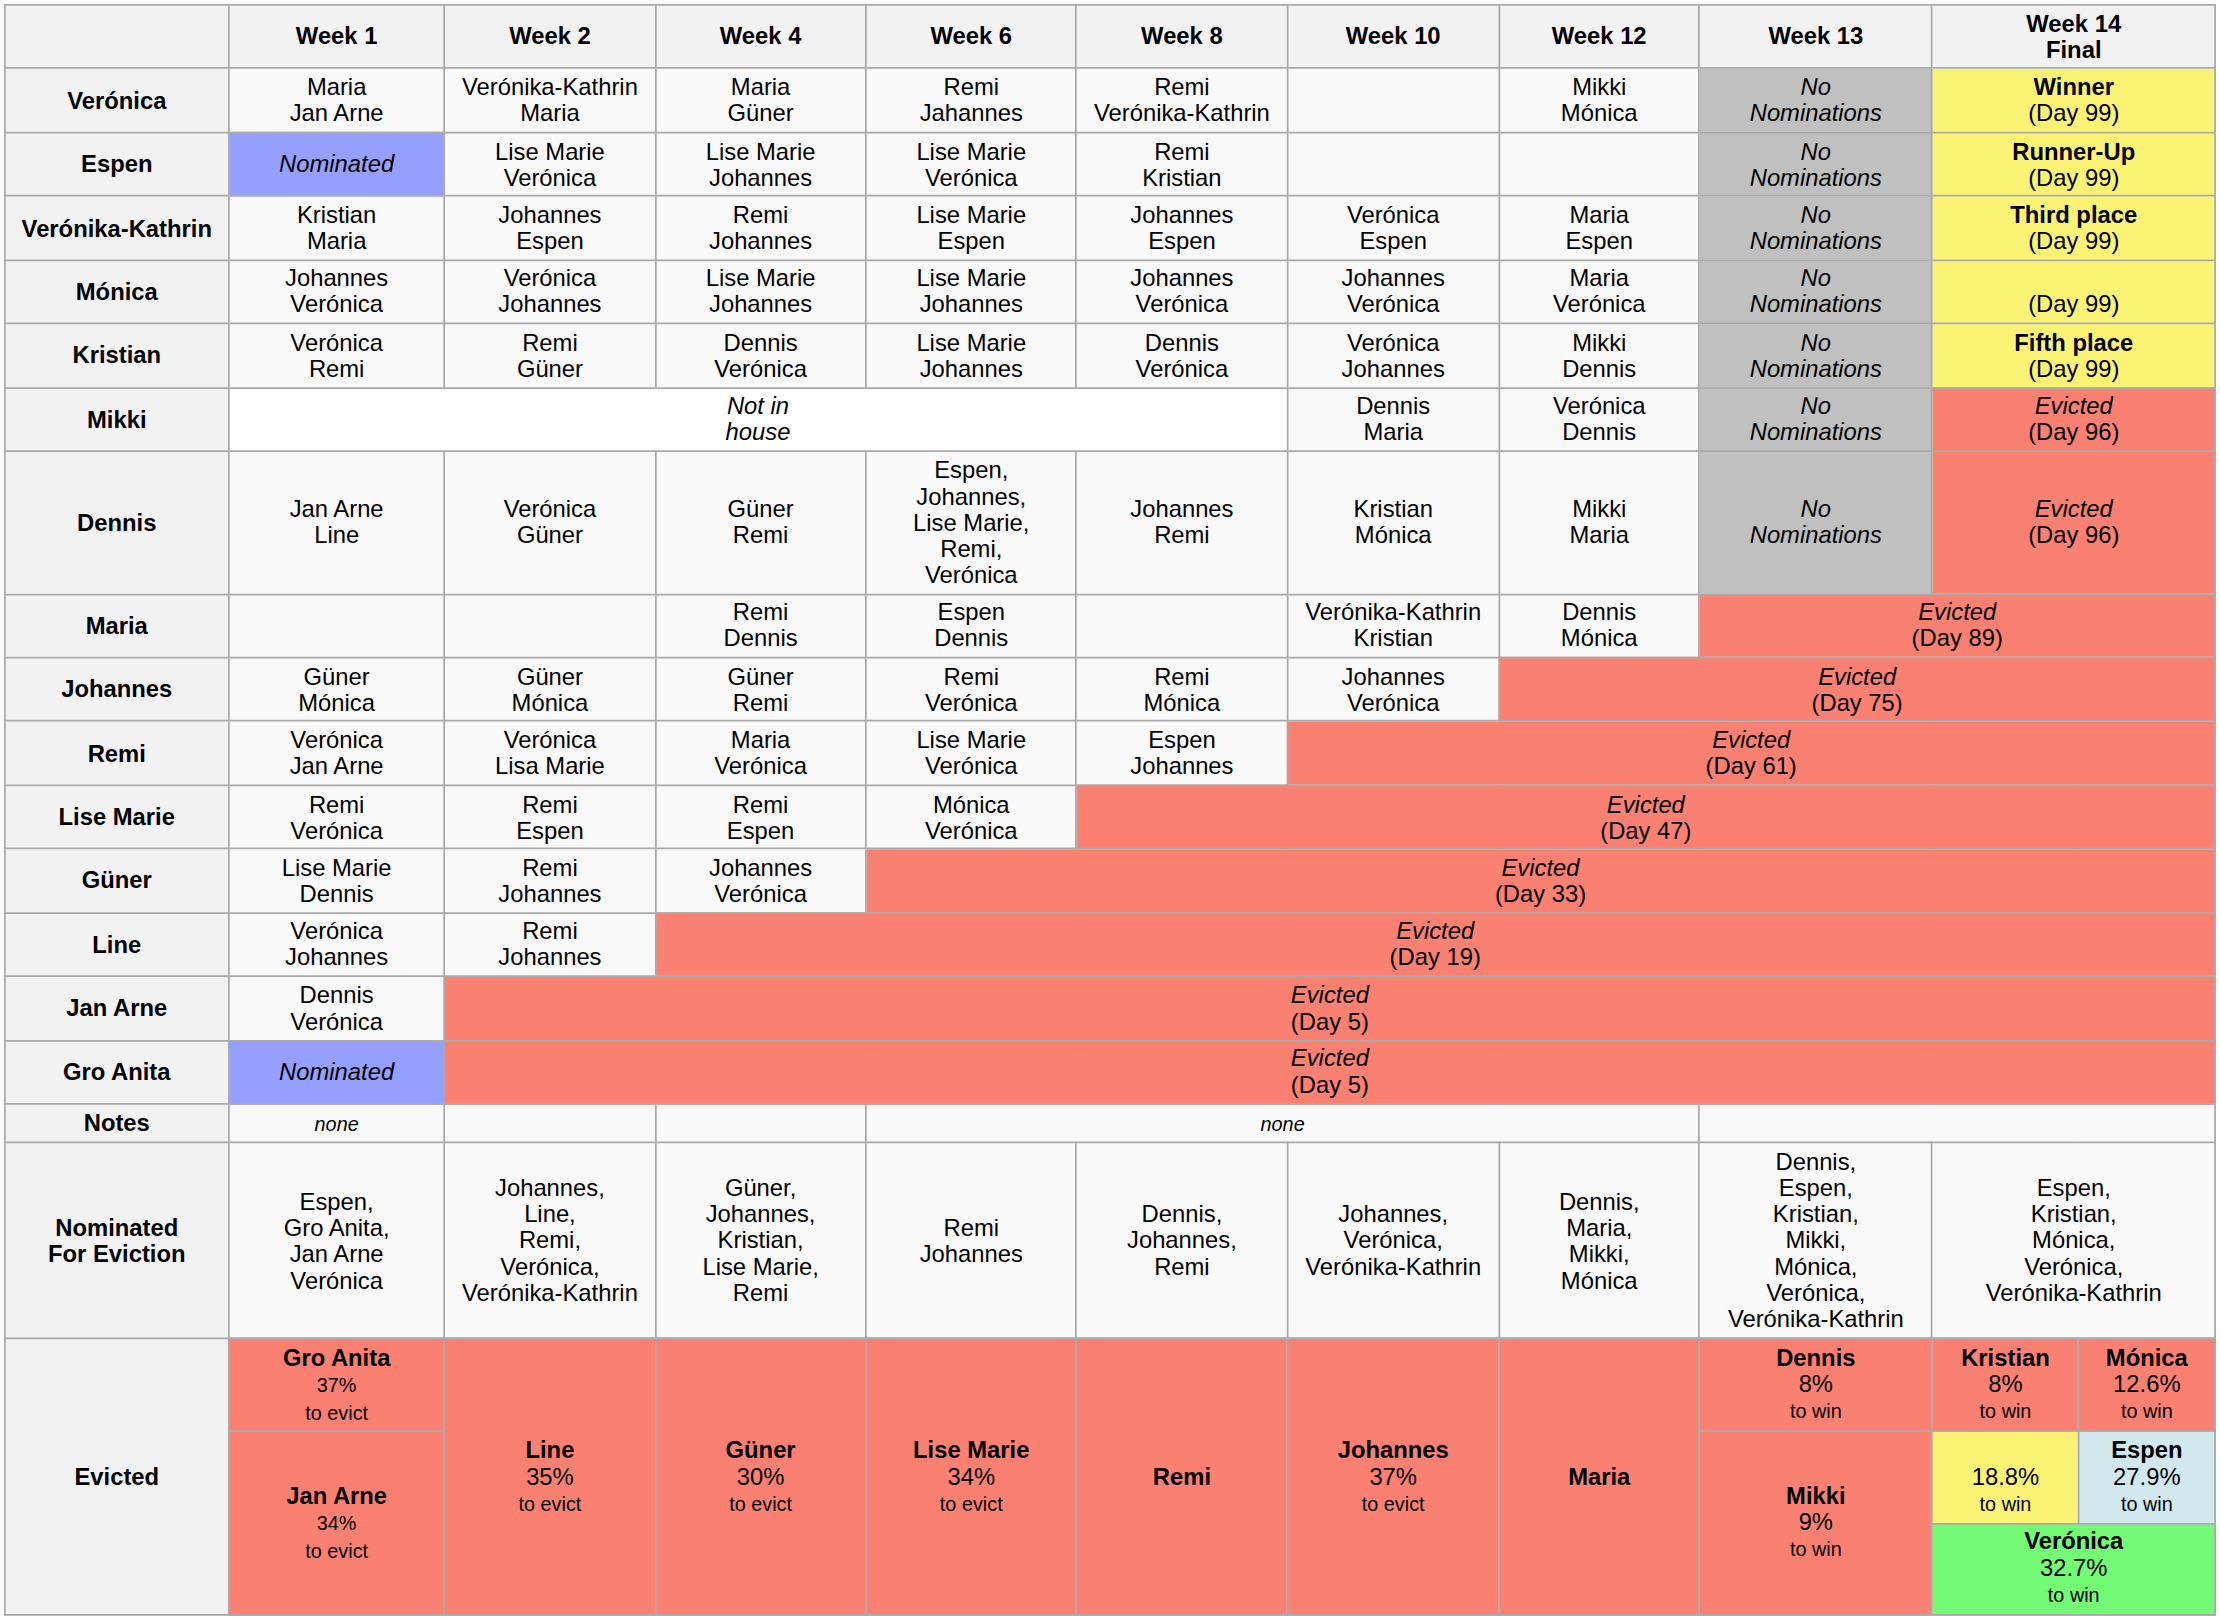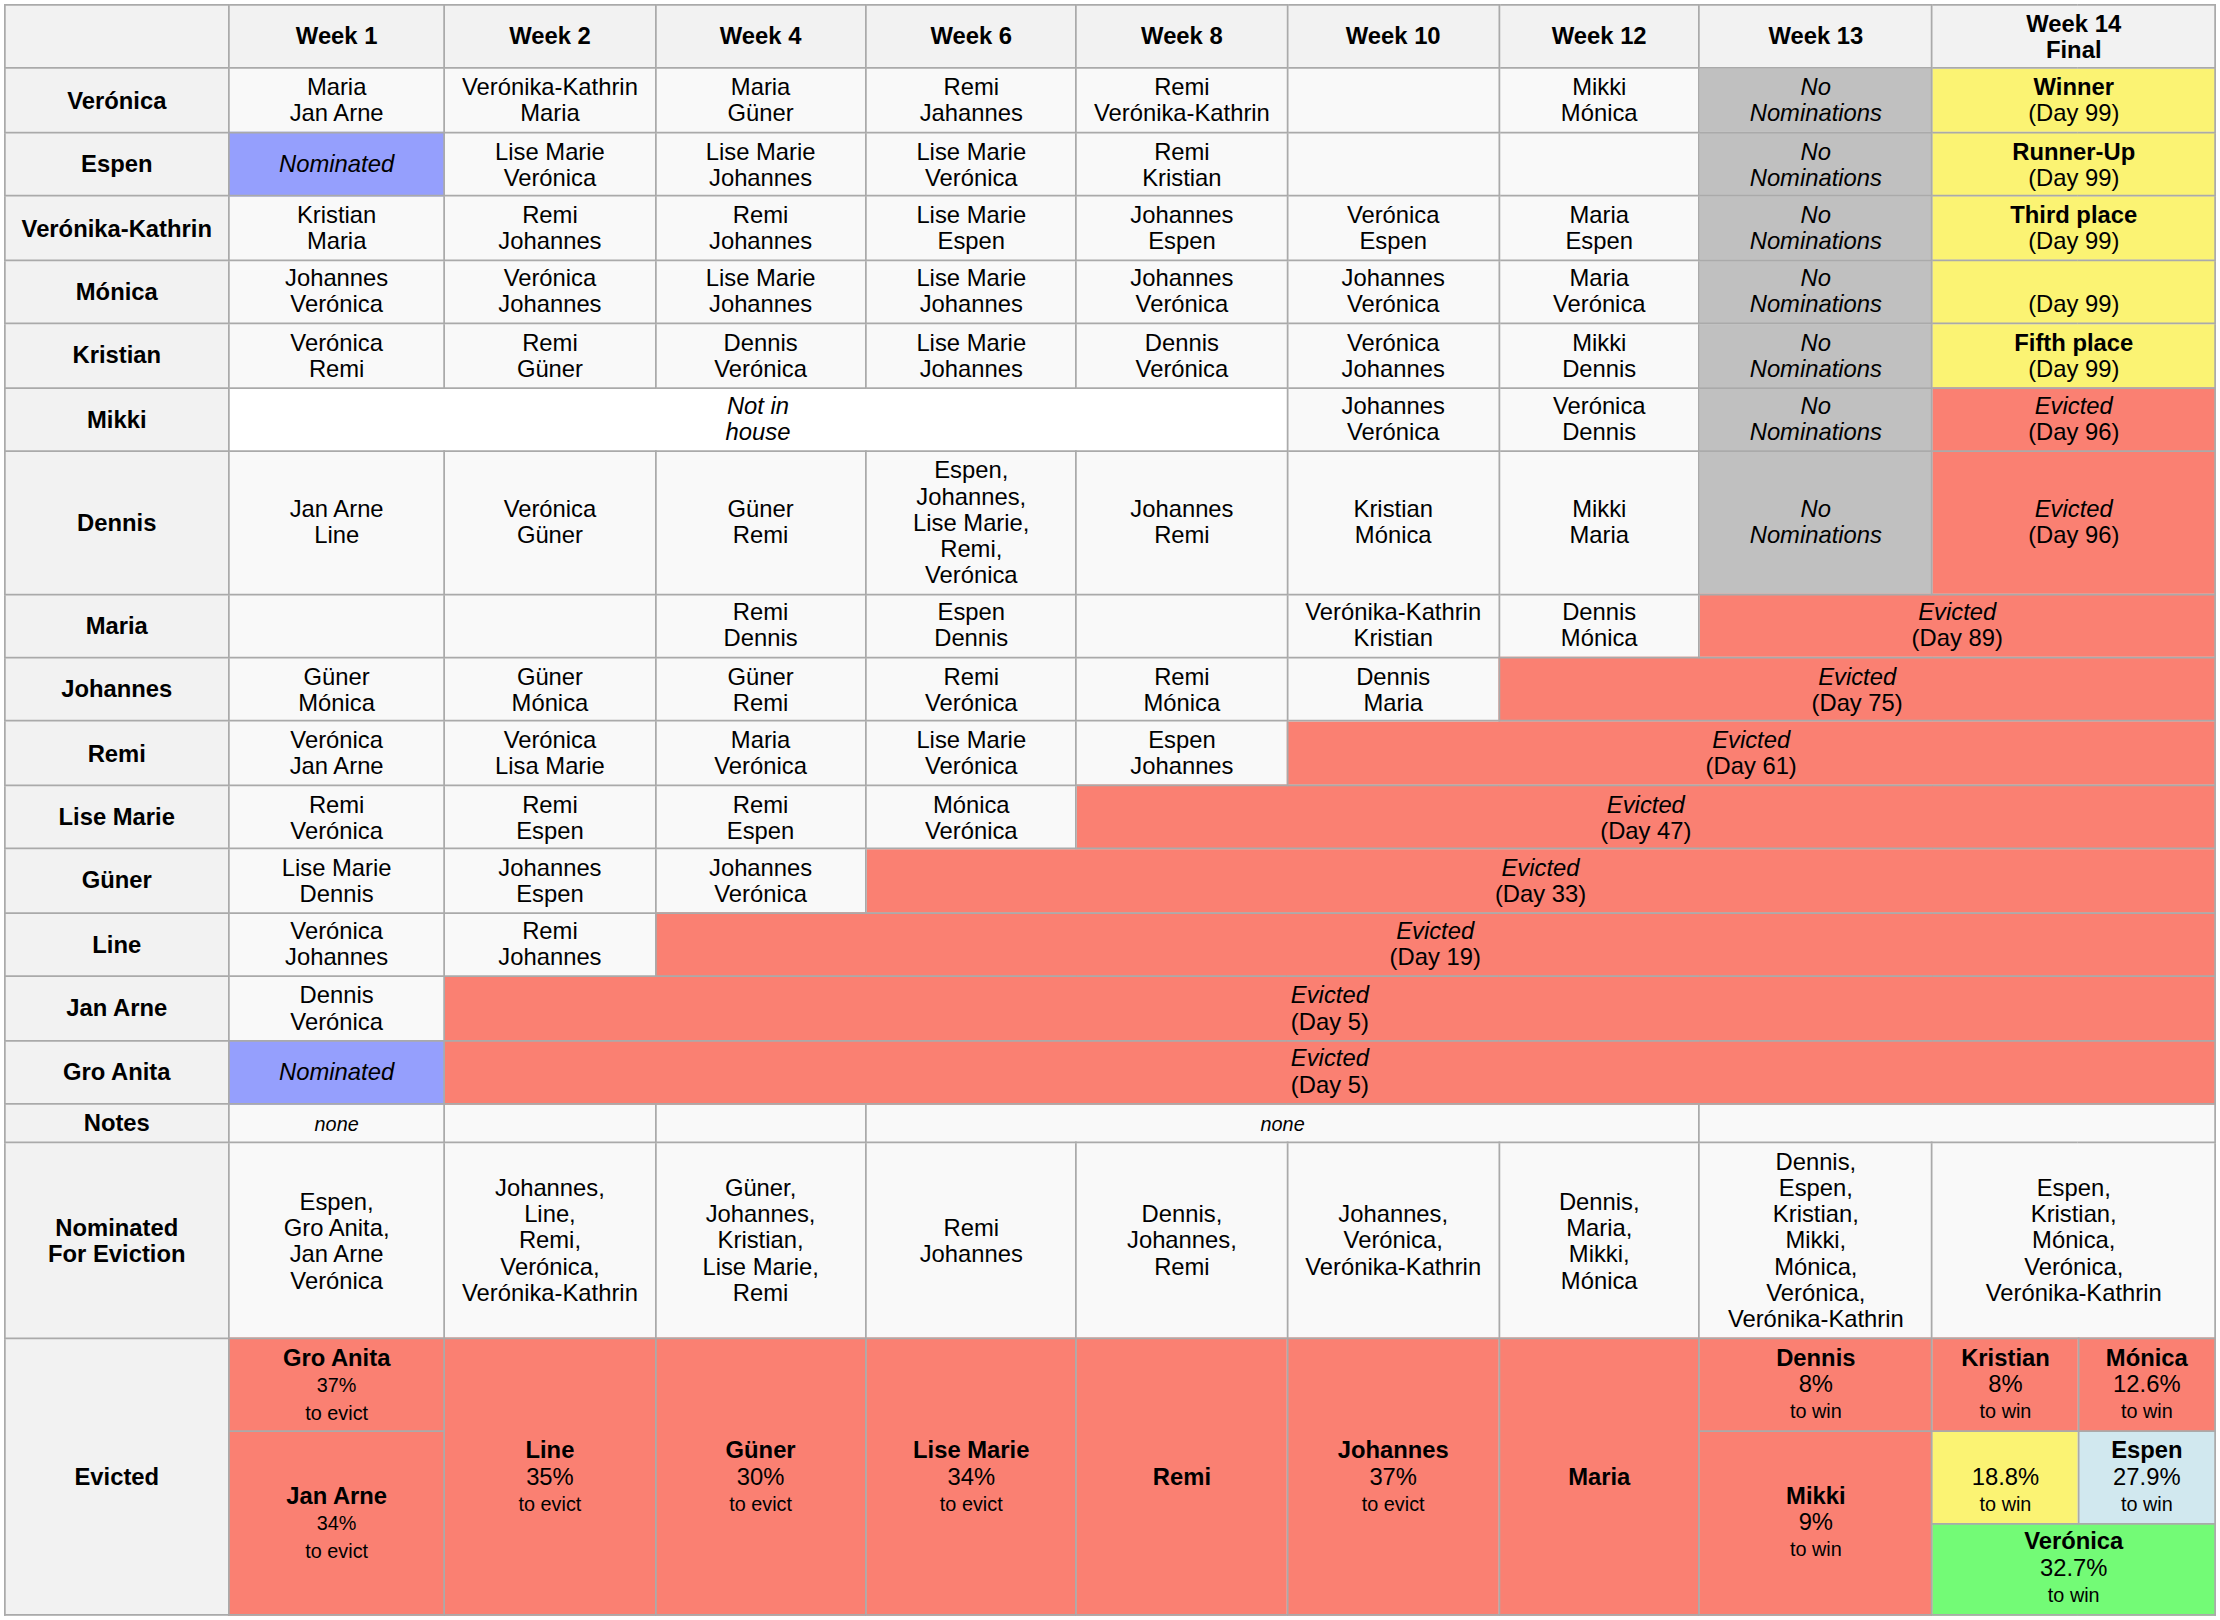 <table class="wikitable" style="text-align:center; font-size:85%; line-height:15px; width:100%">
 <tr>
 <th style="width:5%"></th>
 <th style="width:5%">Week 1</th>
 <th style="width:5%">Week 2</th>
 <th style="width:5%">Week 4</th>
 <th style="width:5%">Week 6</th>
 <th style="width:5%">Week 8</th>
 <th style="width:5%">Week 10</th>
 <th style="width:5%">Week 12</th>
 <th style="width:5%">Week 13</th>
 <th style="width:5%" colspan=2>Week 14<br>Final</th>
 </tr>
 <tr>
 <th>Verónica</th>
 <td>Maria<br>Jan Arne</td>
 <td>Verónika-Kathrin<br>Maria</td>
 <td>Maria<br>Güner</td>
 <td>Remi<br>Jahannes</td>
 <td>Remi<br>Verónika-Kathrin</td>
 <td></td>
 <td>Mikki<br>Mónica</td>
 <td style="background:#C0C0C0"><em>No<br>Nominations</em></td>
 <td colspan=2 style="background:#FBF373;"><strong>Winner</strong><br>(Day 99)</td>
 </tr>
 <tr>
 <th>Espen</th>
 <td style="background:#959FFD"><em>Nominated</em></td>
 <td>Lise Marie<br>Verónica</td>
 <td>Lise Marie<br>Johannes</td>
 <td>Lise Marie<br>Verónica</td>
 <td>Remi<br>Kristian</td>
 <td></td>
 <td></td>
 <td style="background:#C0C0C0" style="background:#C0C0C0"><em>No<br>Nominations</em></td>
 <td colspan=2 style="background:#FBF373;"><strong>Runner-Up</strong><br>(Day 99)</td>
 </tr>
 <tr>
 <th>Verónika-Kathrin</th>
 <td>Kristian<br>Maria</td>
-<td>Johannes<br>Espen</td>
+<td>Remi<br>Johannes</td>
 <td>Remi<br>Johannes</td>
 <td>Lise Marie<br>Espen</td>
 <td>Johannes<br>Espen</td>
 <td>Verónica<br>Espen</td>
 <td>Maria<br>Espen</td>
 <td style="background:#C0C0C0"><em>No<br>Nominations</em></td>
 <td colspan=2 style="background:#FBF373;"><strong>Third place</strong><br>(Day 99)</td>
 </tr>
 <tr>
 <th>Mónica</th>
 <td>Johannes<br>Verónica</td>
 <td>Verónica<br>Johannes</td>
 <td>Lise Marie<br>Johannes</td>
 <td>Lise Marie<br>Johannes</td>
 <td>Johannes<br>Verónica</td>
 <td>Johannes<br>Verónica</td>
 <td>Maria<br>Verónica</td>
 <td style="background:#C0C0C0"><em>No<br>Nominations</em></td>
 <td colspan=2 style="background:#FBF373;"><br>(Day 99)</td>
 </tr>
 <tr>
 <th>Kristian</th>
 <td>Verónica<br>Remi</td>
 <td>Remi<br>Güner</td>
 <td>Dennis<br>Verónica</td>
 <td>Lise Marie<br>Johannes</td>
 <td>Dennis<br>Verónica</td>
 <td>Verónica<br>Johannes</td>
 <td>Mikki<br>Dennis</td>
 <td style="background:#C0C0C0"><em>No<br>Nominations</em></td>
 <td colspan=2 style="background:#FBF373;"><strong>Fifth place</strong><br>(Day 99)</td>
 </tr>
 <tr>
 <th>Mikki</th>
 <td style="background:#FFFFFF;" colspan="5"><em>Not in<br>house</em></td>
-<td>Dennis<br>Maria</td>
+<td>Johannes<br>Verónica</td>
 <td>Verónica<br>Dennis</td>
 <td style="background:#C0C0C0"><em>No<br>Nominations</em></td>
 <td style="background:#FA8072" colspan=2><em>Evicted</em><br>(Day 96)</td>
 </tr>
 <tr>
 <th>Dennis</th>
 <td>Jan Arne<br>Line</td>
 <td>Verónica<br>Güner</td>
 <td>Güner<br>Remi</td>
 <td>Espen,<br>Johannes,<br>Lise Marie,<br>Remi,<br>Verónica</td>
 <td>Johannes<br>Remi</td>
 <td>Kristian<br>Mónica</td>
 <td>Mikki<br>Maria</td>
 <td style="background:#C0C0C0"><em>No<br>Nominations</em></td>
 <td style="background:#FA8072" colspan=2><em>Evicted</em><br>(Day 96)</td>
 </tr>
 <tr>
 <th>Maria</th>
 <td></td>
 <td></td>
 <td>Remi<br>Dennis</td>
 <td>Espen<br>Dennis</td>
 <td></td>
 <td>Verónika-Kathrin<br>Kristian</td>
 <td>Dennis<br>Mónica</td>
 <td style="background:#FA8072" colspan=3><em>Evicted</em><br>(Day 89)</td>
 </tr>
 <tr>
 <th>Johannes</th>
 <td>Güner<br>Mónica</td>
 <td>Güner<br>Mónica</td>
 <td>Güner<br>Remi</td>
 <td>Remi<br>Verónica</td>
 <td>Remi<br>Mónica</td>
-<td>Johannes<br>Verónica</td>
+<td>Dennis<br>Maria</td>
 <td style="background:#FA8072" colspan=4><em>Evicted</em><br>(Day 75)</td>
 </tr>
 <tr>
 <th>Remi</th>
 <td>Verónica<br>Jan Arne</td>
 <td>Verónica<br>Lisa Marie</td>
 <td>Maria<br>Verónica</td>
 <td>Lise Marie<br>Verónica</td>
 <td>Espen<br>Johannes</td>
 <td style="background:#FA8072" colspan=5><em>Evicted</em><br>(Day 61)</td>
 </tr>
 <tr>
 <th>Lise Marie</th>
 <td>Remi<br>Verónica</td>
 <td>Remi<br>Espen</td>
 <td>Remi<br>Espen</td>
 <td>Mónica<br>Verónica</td>
 <td style="background:#FA8072" colspan=6><em>Evicted</em><br>(Day 47)</td>
 </tr>
 <tr>
 <th>Güner</th>
 <td>Lise Marie<br>Dennis</td>
-<td>Remi<br>Johannes</td>
+<td>Johannes<br>Espen</td>
 <td>Johannes<br>Verónica</td>
 <td style="background:#FA8072" colspan=7><em>Evicted</em><br>(Day 33)</td>
 </tr>
 <tr>
 <th>Line</th>
 <td>Verónica<br>Johannes</td>
 <td>Remi<br>Johannes</td>
 <td style="background:#FA8072" colspan=8><em>Evicted</em><br>(Day 19)</td>
 </tr>
 <tr>
 <th>Jan Arne</th>
 <td>Dennis<br>Verónica</td>
 <td style="background:#FA8072" colspan=9><em>Evicted</em><br>(Day 5)</td>
 </tr>
 <tr>
 <th>Gro Anita</th>
 <td style="background:#959FFD"><em>Nominated</em></td>
 <td style="background:#FA8072" colspan=9><em>Evicted</em><br>(Day 5)</td>
 </tr>
 <tr>
 <th>Notes</th>
 <td><small><em>none</em></small></td>
 <td></td>
 <td></td>
 <td colspan=4><small><em>none</em></small></td>
 <td colspan=3></td>
 </tr>
 <tr>
 <th>Nominated<br>For Eviction</th>
 <td>Espen,<br>Gro Anita,<br>Jan Arne<br>Verónica</td>
 <td>Johannes,<br>Line,<br>Remi,<br>Verónica,<br>Verónika-Kathrin</td>
 <td>Güner,<br>Johannes,<br>Kristian,<br>Lise Marie,<br>Remi</td>
 <td>Remi<br>Johannes</td>
 <td>Dennis,<br>Johannes,<br>Remi</td>
 <td>Johannes,<br>Verónica,<br>Verónika-Kathrin</td>
 <td>Dennis,<br>Maria,<br>Mikki,<br>Mónica</td>
 <td>Dennis,<br>Espen,<br>Kristian,<br>Mikki,<br>Mónica,<br>Verónica,<br>Verónika-Kathrin</td>
 <td colspan=2>Espen,<br>Kristian,<br>Mónica,<br>Verónica,<br>Verónika-Kathrin</td>
 </tr>
 <tr>
 <th rowspan=3>Evicted</th>
 <td style="background:#FA8072"><strong>Gro Anita</strong><br><small>37%<br>to evict</small></td>
 <td style="background:#FA8072" rowspan=3><strong>Line</strong><br>35%<br><small>to evict</small></td>
 <td style="background:#FA8072" rowspan=3><strong>Güner</strong><br>30%<br><small>to evict</small></td>
 <td style="background:#FA8072" rowspan=3><strong>Lise Marie</strong><br>34%<br><small>to evict</small></td>
 <td style="background:#FA8072" rowspan=3><strong>Remi</strong></td>
 <td style="background:#FA8072" rowspan=3><strong>Johannes</strong><br>37%<br><small>to evict</small></td>
 <td style="background:#FA8072" rowspan=3><strong>Maria</strong></td>
 <td style="background:#FA8072"><strong>Dennis</strong><br>8%<br><small>to win</small></td>
 <td style="background:#FA8072"><strong>Kristian</strong><br>8%<br><small>to win</small></td>
 <td style="background:#FA8072"><strong>Mónica</strong><br>12.6%<br><small>to win</small></td>
 </tr>
 <tr>
 <td style="background:#FA8072" rowspan=2><strong>Jan Arne</strong><br><small>34%<br>to evict</small></td>
 <td style="background:#FA8072" rowspan=2><strong>Mikki</strong><br>9%<br><small>to win</small></td>
 <td style="background:#FBF373"><strong></strong><br>18.8%<br><small>to win</small></td>
 <td style="background:#D1E8EF"><strong>Espen</strong><br>27.9%<br><small>to win</small></td>
 </tr>
 <tr>
 <td style="background:#73FB76" colspan=2><strong>Verónica</strong><br>32.7%<br><small>to win</small></td>
 </tr>
 </table>
